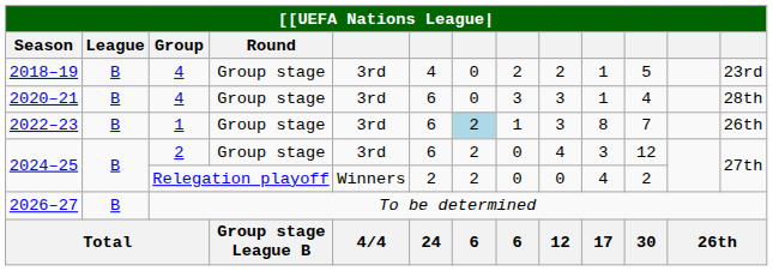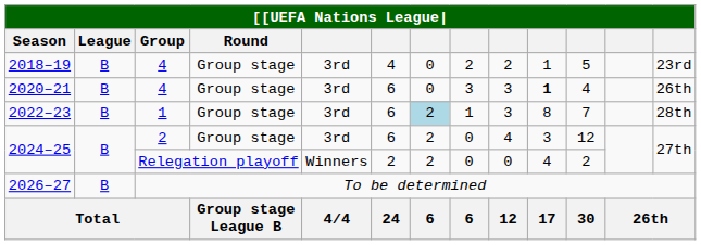 <table class="wikitable" style="text-align: center;">
 <tr>
 <th colspan=13 style="background:#006400;color:#FFFFFF;">[[UEFA Nations League|</th>
 </tr>
 <tr>
 <th>Season</th>
 <th>League</th>
 <th>Group</th>
 <th>Round</th>
 <th width=28></th>
 <th width=28></th>
 <th width=28></th>
 <th width=28></th>
 <th width=28></th>
 <th width=28></th>
 <th width=28></th>
 <th width=35></th>
 <th width=28></th>
 </tr>
 <tr>
 <td><a href='#'>2018–19</a></td>
 <td><a href='#'>B</a></td>
 <td><a href='#'>4</a></td>
 <td>Group stage</td>
 <td>3rd</td>
 <td>4</td>
 <td>0</td>
 <td>2</td>
 <td>2</td>
 <td>1</td>
 <td>5</td>
 <td></td>
 <td>23rd</td>
 </tr>
 <tr>
 <td><a href='#'>2020–21</a></td>
 <td><a href='#'>B</a></td>
 <td><a href='#'>4</a></td>
 <td>Group stage</td>
 <td>3rd</td>
 <td>6</td>
 <td>0</td>
 <td>3</td>
 <td>3</td>
-<td>1</td>
+<td><strong>1</strong></td>
 <td>4</td>
 <td></td>
-<td>28th</td>
+<td>26th</td>
 </tr>
 <tr>
 <td><a href='#'>2022–23</a></td>
 <td><a href='#'>B</a></td>
 <td><a href='#'>1</a></td>
 <td>Group stage</td>
 <td>3rd</td>
 <td>6</td>
 <td style="background: lightblue;">2</td>
 <td>1</td>
 <td>3</td>
 <td>8</td>
 <td>7</td>
 <td></td>
-<td>26th</td>
+<td>28th</td>
 </tr>
 <tr>
 <td rowspan="2"><a href='#'>2024–25</a></td>
 <td rowspan="2"><a href='#'>B</a></td>
 <td><a href='#'>2</a></td>
 <td>Group stage</td>
 <td>3rd</td>
 <td>6</td>
 <td>2</td>
 <td>0</td>
 <td>4</td>
 <td>3</td>
 <td>12</td>
 <td rowspan="2"></td>
 <td rowspan="2">27th</td>
 </tr>
 <tr>
 <td colspan="2"><a href='#'>Relegation playoff</a></td>
 <td>Winners</td>
 <td>2</td>
 <td>2</td>
 <td>0</td>
 <td>0</td>
 <td>4</td>
 <td>2</td>
 </tr>
 <tr>
 <td><a href='#'>2026–27</a></td>
 <td><a href='#'>B</a></td>
 <td colspan="11"><em>To be determined</em></td>
 </tr>
 <tr>
 <th colspan=3>Total</th>
 <th>Group stage<br>League B</th>
 <th>4/4</th>
 <th>24</th>
 <th>6</th>
 <th>6</th>
 <th>12</th>
 <th>17</th>
 <th>30</th>
 <th colspan=2>26th<br></th>
 </tr>
 </table>
